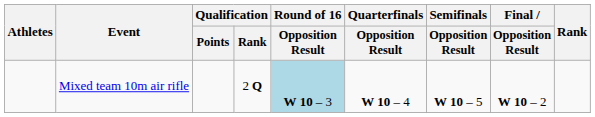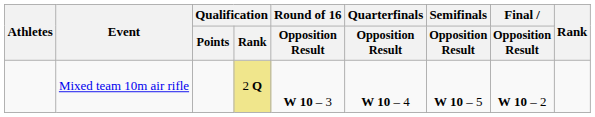 <table class="wikitable" style="font-size:90%;">
 <tr>
 <th rowspan=2>Athletes</th>
 <th rowspan=2>Event</th>
 <th colspan=2>Qualification</th>
 <th>Round of 16</th>
 <th>Quarterfinals</th>
 <th>Semifinals</th>
 <th>Final / </th>
 <th rowspan=2>Rank</th>
 </tr>
 <tr style="font-size:95%">
 <th>Points</th>
 <th>Rank</th>
 <th>Opposition<br>Result</th>
 <th>Opposition<br>Result</th>
 <th>Opposition<br>Result</th>
 <th>Opposition<br>Result</th>
 </tr>
 <tr align=center>
 <td align=left><br></td>
 <td align=left><a href='#'>Mixed team 10m air rifle</a></td>
 <td></td>
-<td>2 <strong>Q</strong></td>
-<td style="background: lightblue;"><small><br></small> <br><strong>W</strong> <strong>10</strong> – 3</td>
+<td style="background: khaki;">2 <strong>Q</strong></td>
+<td><small><br></small> <br><strong>W</strong> <strong>10</strong> – 3</td>
 <td><small><br></small> <br><strong>W</strong> <strong>10</strong> – 4</td>
 <td><small><br></small> <br><strong>W</strong> <strong>10</strong> – 5</td>
 <td><small><br></small> <br><strong>W</strong> <strong>10</strong> – 2</td>
 <td></td>
 </tr>
 </table>
